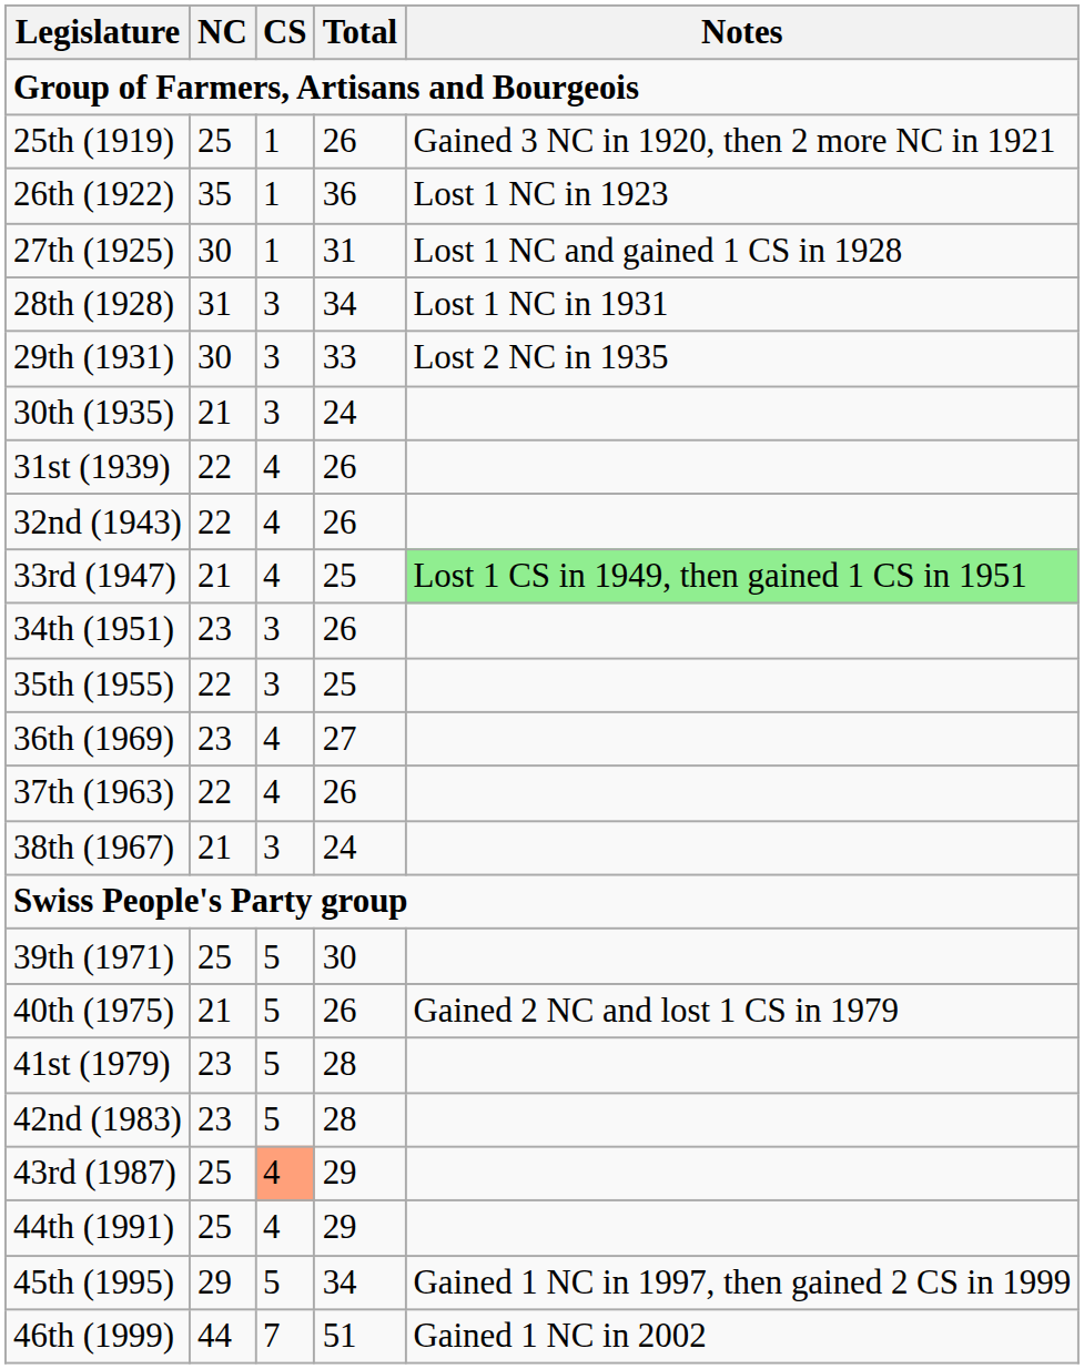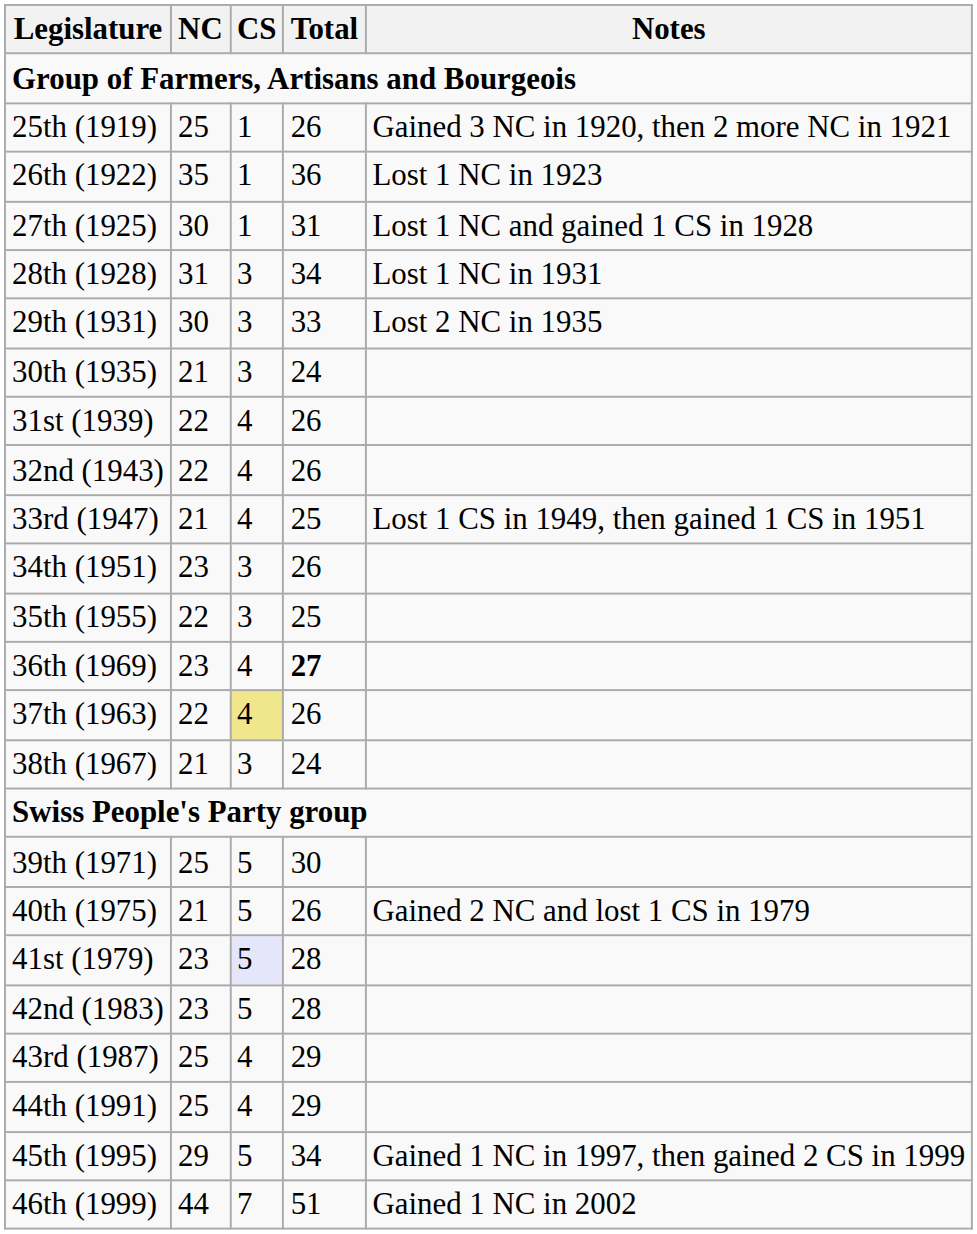 <table class="wikitable">
 <tr>
 <th>Legislature</th>
 <th>NC</th>
 <th>CS</th>
 <th>Total</th>
 <th>Notes</th>
 </tr>
 <tr>
 <td colspan="5"><strong>Group of Farmers, Artisans and Bourgeois</strong></td>
 </tr>
 <tr>
 <td>25th (1919)</td>
 <td>25</td>
 <td>1</td>
 <td>26</td>
 <td>Gained 3 NC in 1920, then 2 more NC in 1921</td>
 </tr>
 <tr>
 <td>26th (1922)</td>
 <td>35</td>
 <td>1</td>
 <td>36</td>
 <td>Lost 1 NC in 1923</td>
 </tr>
 <tr>
 <td>27th (1925)</td>
 <td>30</td>
 <td>1</td>
 <td>31</td>
 <td>Lost 1 NC and gained 1 CS in 1928</td>
 </tr>
 <tr>
 <td>28th (1928)</td>
 <td>31</td>
 <td>3</td>
 <td>34</td>
 <td>Lost 1 NC in 1931</td>
 </tr>
 <tr>
 <td>29th (1931)</td>
 <td>30</td>
 <td>3</td>
 <td>33</td>
 <td>Lost 2 NC in 1935</td>
 </tr>
 <tr>
 <td>30th (1935)</td>
 <td>21</td>
 <td>3</td>
 <td>24</td>
 <td></td>
 </tr>
 <tr>
 <td>31st (1939)</td>
 <td>22</td>
 <td>4</td>
 <td>26</td>
 <td></td>
 </tr>
 <tr>
 <td>32nd (1943)</td>
 <td>22</td>
 <td>4</td>
 <td>26</td>
 <td></td>
 </tr>
 <tr>
 <td>33rd (1947)</td>
 <td>21</td>
 <td>4</td>
 <td>25</td>
-<td style="background: lightgreen;">Lost 1 CS in 1949, then gained 1 CS in 1951</td>
+<td>Lost 1 CS in 1949, then gained 1 CS in 1951</td>
 </tr>
 <tr>
 <td>34th (1951)</td>
 <td>23</td>
 <td>3</td>
 <td>26</td>
 <td></td>
 </tr>
 <tr>
 <td>35th (1955)</td>
 <td>22</td>
 <td>3</td>
 <td>25</td>
 <td></td>
 </tr>
 <tr>
 <td>36th (1969)</td>
 <td>23</td>
 <td>4</td>
-<td>27</td>
+<td><strong>27</strong></td>
 <td></td>
 </tr>
 <tr>
 <td>37th (1963)</td>
 <td>22</td>
-<td>4</td>
+<td style="background: khaki;">4</td>
 <td>26</td>
 <td></td>
 </tr>
 <tr>
 <td>38th (1967)</td>
 <td>21</td>
 <td>3</td>
 <td>24</td>
 <td></td>
 </tr>
 <tr>
 <td colspan="5"><strong>Swiss People's Party group</strong></td>
 </tr>
 <tr>
 <td>39th (1971)</td>
 <td>25</td>
 <td>5</td>
 <td>30</td>
 <td></td>
 </tr>
 <tr>
 <td>40th (1975)</td>
 <td>21</td>
 <td>5</td>
 <td>26</td>
 <td>Gained 2 NC and lost 1 CS in 1979</td>
 </tr>
 <tr>
 <td>41st (1979)</td>
 <td>23</td>
-<td>5</td>
+<td style="background: lavender;">5</td>
 <td>28</td>
 <td></td>
 </tr>
 <tr>
 <td>42nd (1983)</td>
 <td>23</td>
 <td>5</td>
 <td>28</td>
 <td></td>
 </tr>
 <tr>
 <td>43rd (1987)</td>
 <td>25</td>
-<td style="background: lightsalmon;">4</td>
+<td>4</td>
 <td>29</td>
 <td></td>
 </tr>
 <tr>
 <td>44th (1991)</td>
 <td>25</td>
 <td>4</td>
 <td>29</td>
 <td></td>
 </tr>
 <tr>
 <td>45th (1995)</td>
 <td>29</td>
 <td>5</td>
 <td>34</td>
 <td>Gained 1 NC in 1997, then gained 2 CS in 1999</td>
 </tr>
 <tr>
 <td>46th (1999)</td>
 <td>44</td>
 <td>7</td>
 <td>51</td>
 <td>Gained 1 NC in 2002</td>
 </tr>
 </table>
